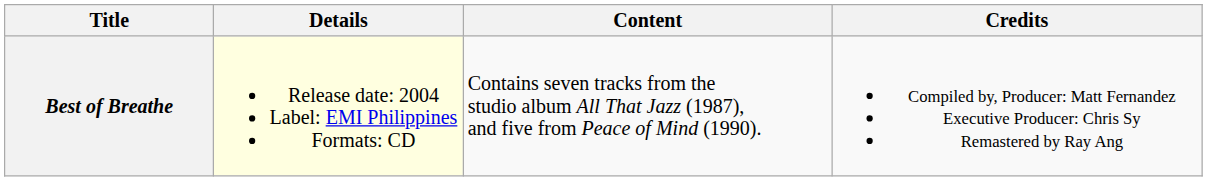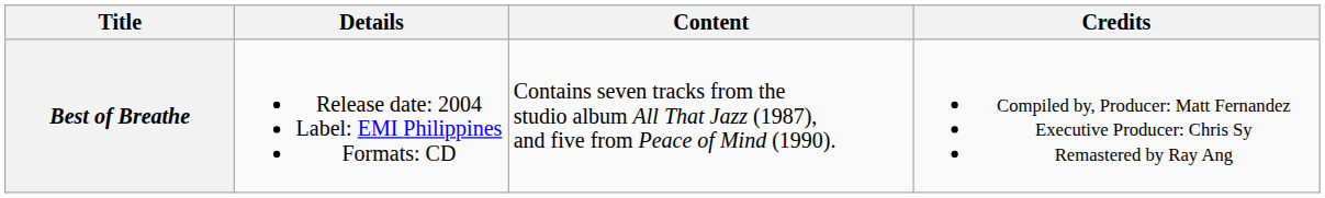 <table class="wikitable plainrowheaders" style="text-align:center;">
 <tr>
 <th style="width:10em;">Title</th>
 <th style="width:12em;">Details</th>
 <th style="width:18em;">Content</th>
 <th style="width:18em;">Credits</th>
 </tr>
 <tr>
 <th scope="row"><em>Best of Breathe</em> </th>
-<td style="background: lightyellow;"><br><ul><li>Release date: 2004</li><li>Label: <a href='#'>EMI Philippines</a></li><li>Formats: CD</li></ul></td>
+<td><br><ul><li>Release date: 2004</li><li>Label: <a href='#'>EMI Philippines</a></li><li>Formats: CD</li></ul></td>
 <td style="text-align:justify;">Contains seven tracks from the<br>studio album <em>All That Jazz</em> (1987),<br>and five from <em>Peace of Mind</em> (1990).</td>
 <td><br><ul><li><small>Compiled by, Producer: Matt Fernandez</small></li><li><small>Executive Producer: Chris Sy</small></li><li><small>Remastered by Ray Ang</small></li></ul></td>
 </tr>
 </table>
